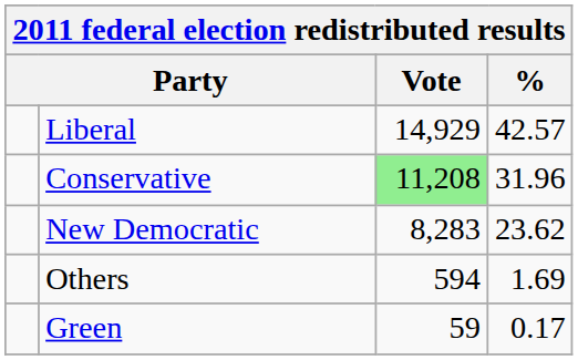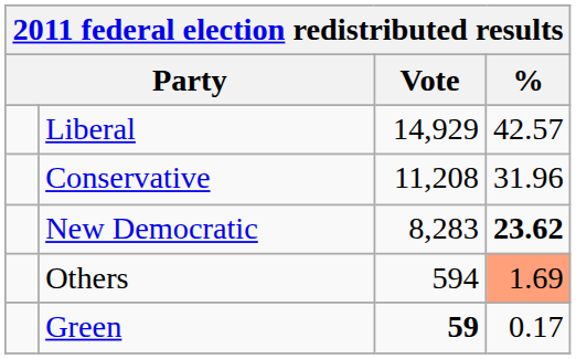 <table class="wikitable">
 <tr>
 <th colspan="4"><a href='#'>2011 federal election</a> redistributed results</th>
 </tr>
 <tr>
 <th bgcolor="#DDDDFF" width="130px" colspan="2">Party</th>
 <th bgcolor="#DDDDFF" width="50px">Vote</th>
 <th bgcolor="#DDDDFF" width="30px">%</th>
 </tr>
 <tr>
 <td> </td>
 <td><a href='#'>Liberal</a></td>
 <td align=right>14,929</td>
 <td align=right>42.57</td>
 </tr>
 <tr>
 <td> </td>
 <td><a href='#'>Conservative</a></td>
-<td align=right style="background: lightgreen;">11,208</td>
+<td align=right>11,208</td>
 <td align=right>31.96</td>
 </tr>
 <tr>
 <td> </td>
 <td><a href='#'>New Democratic</a></td>
 <td align=right>8,283</td>
-<td align=right>23.62</td>
+<td align=right><strong>23.62</strong></td>
 </tr>
 <tr>
 <td> </td>
 <td>Others</td>
 <td align=right>594</td>
-<td align=right>1.69</td>
+<td align=right style="background: lightsalmon;">1.69</td>
 </tr>
 <tr>
 <td> </td>
 <td><a href='#'>Green</a></td>
-<td align=right>59</td>
+<td align=right><strong>59</strong></td>
 <td align=right>0.17</td>
 </tr>
 </table>
